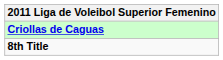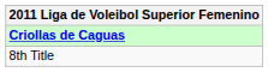 <table class="wikitable" style="margin:1em auto;">
 <tr>
 <th>2011 Liga de Voleibol Superior Femenino</th>
 </tr>
 <tr bgcolor=#ccffcc>
 <td><strong><a href='#'>Criollas de Caguas</a></strong></td>
 </tr>
 <tr>
-<td><strong>8th Title</strong></td>
+<td>8th Title</td>
 </tr>
 </table>
